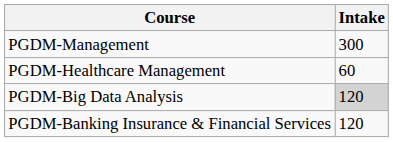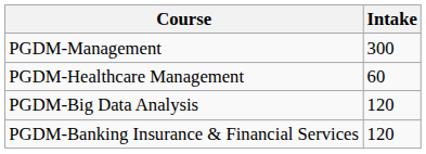 <table class="wikitable">
 <tr>
 <th>Course</th>
 <th>Intake</th>
 </tr>
 <tr>
 <td>PGDM-Management</td>
 <td>300</td>
 </tr>
 <tr>
 <td>PGDM-Healthcare Management</td>
 <td>60</td>
 </tr>
 <tr>
 <td>PGDM-Big Data Analysis</td>
-<td style="background: lightgrey;">120</td>
+<td>120</td>
 </tr>
 <tr>
 <td>PGDM-Banking Insurance & Financial Services</td>
 <td>120</td>
 </tr>
 </table>
